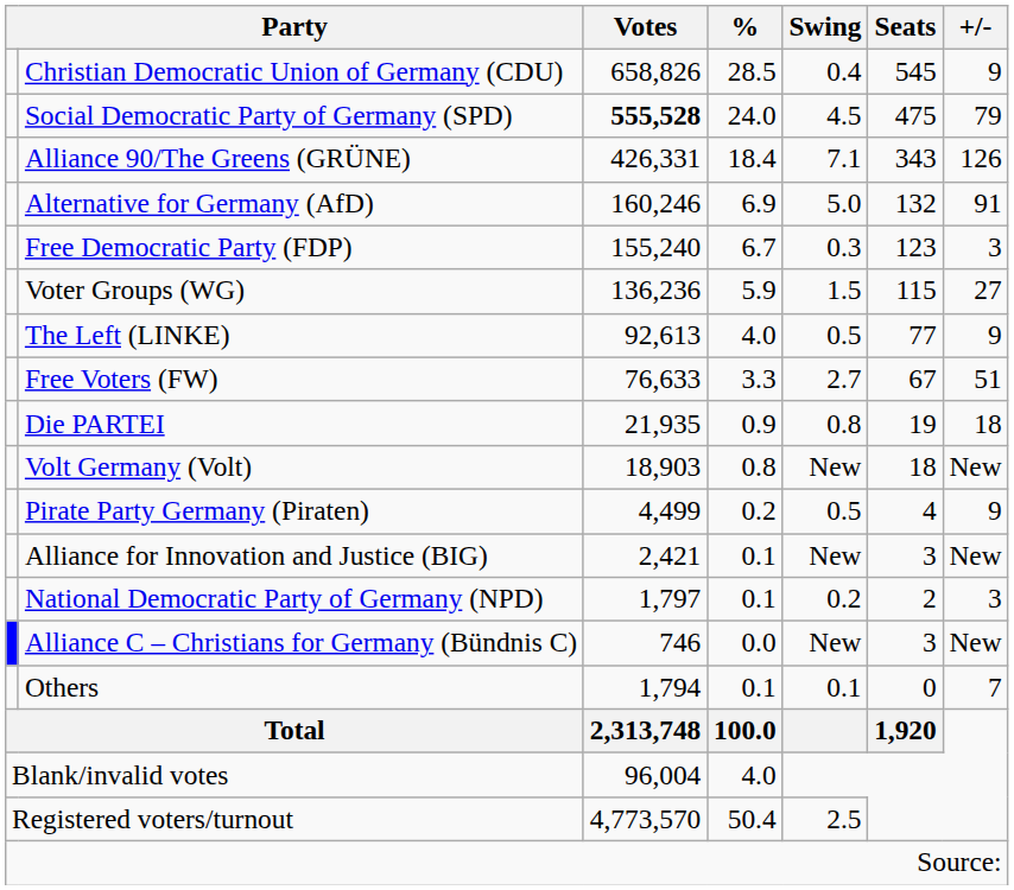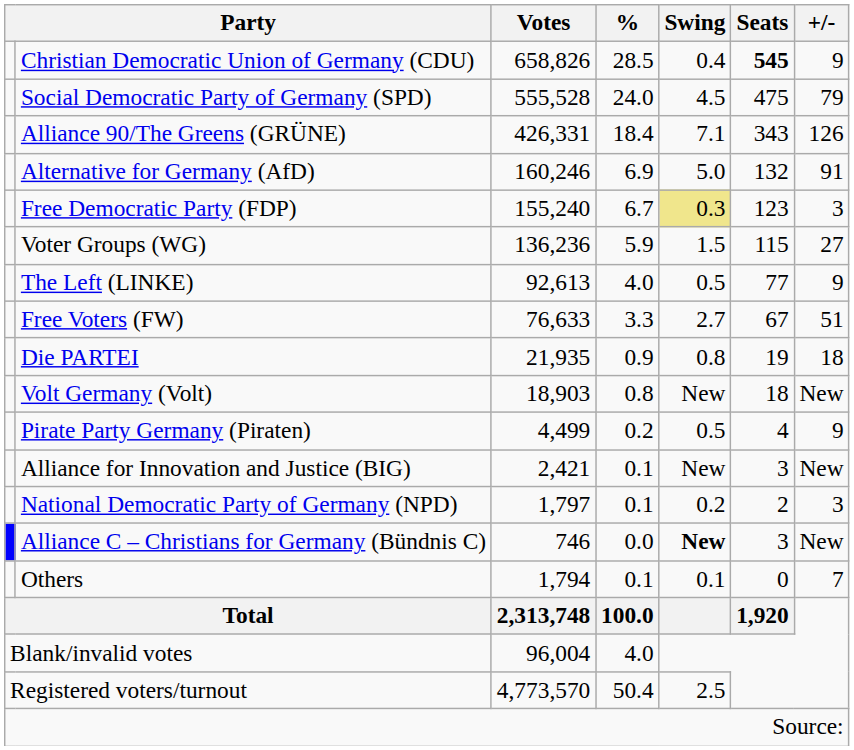 <table class="wikitable" style="text-align:right">
 <tr>
 <th colspan=2>Party</th>
 <th>Votes</th>
 <th>%</th>
 <th>Swing</th>
 <th>Seats</th>
 <th>+/-</th>
 </tr>
 <tr>
 <td bgcolor=></td>
 <td align=left><a href='#'>Christian Democratic Union of Germany</a> (CDU)</td>
 <td>658,826</td>
 <td>28.5</td>
 <td> 0.4</td>
-<td>545</td>
+<td><strong>545</strong></td>
 <td> 9</td>
 </tr>
 <tr>
 <td bgcolor=></td>
 <td align=left><a href='#'>Social Democratic Party of Germany</a> (SPD)</td>
-<td><strong>555,528</strong></td>
+<td>555,528</td>
 <td>24.0</td>
 <td> 4.5</td>
 <td>475</td>
 <td> 79</td>
 </tr>
 <tr>
 <td bgcolor=></td>
 <td align=left><a href='#'>Alliance 90/The Greens</a> (GRÜNE)</td>
 <td>426,331</td>
 <td>18.4</td>
 <td> 7.1</td>
 <td>343</td>
 <td> 126</td>
 </tr>
 <tr>
 <td bgcolor=></td>
 <td align=left><a href='#'>Alternative for Germany</a> (AfD)</td>
 <td>160,246</td>
 <td>6.9</td>
 <td> 5.0</td>
 <td>132</td>
 <td> 91</td>
 </tr>
 <tr>
 <td bgcolor=></td>
 <td align=left><a href='#'>Free Democratic Party</a> (FDP)</td>
 <td>155,240</td>
 <td>6.7</td>
-<td> 0.3</td>
+<td style="background: khaki;"> 0.3</td>
 <td>123</td>
 <td> 3</td>
 </tr>
 <tr>
 <td></td>
 <td align=left>Voter Groups (WG)</td>
 <td>136,236</td>
 <td>5.9</td>
 <td> 1.5</td>
 <td>115</td>
 <td> 27</td>
 </tr>
 <tr>
 <td bgcolor=></td>
 <td align=left><a href='#'>The Left</a> (LINKE)</td>
 <td>92,613</td>
 <td>4.0</td>
 <td> 0.5</td>
 <td>77</td>
 <td> 9</td>
 </tr>
 <tr>
 <td bgcolor=></td>
 <td align=left><a href='#'>Free Voters</a> (FW)</td>
 <td>76,633</td>
 <td>3.3</td>
 <td> 2.7</td>
 <td>67</td>
 <td> 51</td>
 </tr>
 <tr>
 <td bgcolor=></td>
 <td align=left><a href='#'>Die PARTEI</a></td>
 <td>21,935</td>
 <td>0.9</td>
 <td> 0.8</td>
 <td>19</td>
 <td> 18</td>
 </tr>
 <tr>
 <td bgcolor=></td>
 <td align=left><a href='#'>Volt Germany</a> (Volt)</td>
 <td>18,903</td>
 <td>0.8</td>
 <td>New</td>
 <td>18</td>
 <td>New</td>
 </tr>
 <tr>
 <td bgcolor=></td>
 <td align=left><a href='#'>Pirate Party Germany</a> (Piraten)</td>
 <td>4,499</td>
 <td>0.2</td>
 <td> 0.5</td>
 <td>4</td>
 <td> 9</td>
 </tr>
 <tr>
 <td></td>
 <td align=left>Alliance for Innovation and Justice (BIG)</td>
 <td>2,421</td>
 <td>0.1</td>
 <td>New</td>
 <td>3</td>
 <td>New</td>
 </tr>
 <tr>
 <td bgcolor=></td>
 <td align=left><a href='#'>National Democratic Party of Germany</a> (NPD)</td>
 <td>1,797</td>
 <td>0.1</td>
 <td> 0.2</td>
 <td>2</td>
 <td> 3</td>
 </tr>
 <tr>
 <td bgcolor=#0000FF></td>
 <td align=left><a href='#'>Alliance C – Christians for Germany</a> (Bündnis C)</td>
 <td>746</td>
 <td>0.0</td>
-<td>New</td>
+<td><strong>New</strong></td>
 <td>3</td>
 <td>New</td>
 </tr>
 <tr>
 <td></td>
 <td align=left>Others</td>
 <td>1,794</td>
 <td>0.1</td>
 <td> 0.1</td>
 <td>0</td>
 <td> 7</td>
 </tr>
 <tr>
 <th colspan=2>Total</th>
 <th>2,313,748</th>
 <th>100.0</th>
 <th></th>
 <th>1,920</th>
 </tr>
 <tr>
 <td align=left colspan=2>Blank/invalid votes</td>
 <td>96,004</td>
 <td>4.0</td>
 </tr>
 <tr>
 <td align=left colspan=2>Registered voters/turnout</td>
 <td>4,773,570</td>
 <td>50.4</td>
 <td> 2.5</td>
 </tr>
 <tr>
 <td colspan=7>Source: </td>
 </tr>
 </table>
